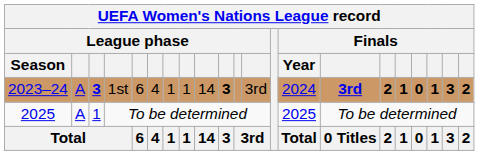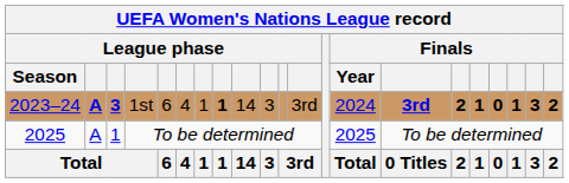 <table class="wikitable" style="text-align:center">
 <tr>
 <th colspan="22"><a href='#'>UEFA Women's Nations League</a> record</th>
 </tr>
 <tr>
 <th colspan="12">League phase</th>
 <th rowspan="5"></th>
 <th colspan="9">Finals</th>
 </tr>
 <tr>
 <th>Season</th>
 <th></th>
 <th></th>
 <th></th>
 <th></th>
 <th></th>
 <th></th>
 <th></th>
 <th></th>
 <th></th>
 <th></th>
 <th></th>
 <th>Year</th>
 <th></th>
 <th></th>
 <th></th>
 <th></th>
 <th></th>
 <th></th>
 <th></th>
 </tr>
 <tr style="background:#c96">
 <td><a href='#'>2023–24</a></td>
-<td><a href='#'>A</a></td>
+<td><strong><a href='#'>A</a></strong></td>
 <td><strong><a href='#'>3</a></strong></td>
 <td>1st</td>
 <td>6</td>
 <td>4</td>
 <td>1</td>
-<td>1</td>
+<td><strong>1</strong></td>
 <td>14</td>
-<td><strong>3</strong></td>
+<td>3</td>
 <td></td>
 <td>3rd</td>
 <td>   <a href='#'>2024</a></td>
 <td><strong><a href='#'>3rd</a></strong></td>
 <td><strong>2</strong></td>
 <td><strong>1</strong></td>
 <td><strong>0</strong></td>
 <td><strong>1</strong></td>
 <td><strong>3</strong></td>
 <td><strong>2</strong></td>
 </tr>
 <tr>
 <td><a href='#'>2025</a></td>
 <td><a href='#'>A</a></td>
 <td><a href='#'>1</a></td>
 <td colspan="9"><em>To be determined</em></td>
 <td> <a href='#'>2025</a></td>
 <td colspan="7"><em>To be determined</em></td>
 </tr>
 <tr>
 <th colspan="4">Total</th>
 <th>6</th>
 <th>4</th>
 <th>1</th>
 <th>1</th>
 <th>14</th>
 <th>3</th>
 <th colspan="2">3rd</th>
 <th>Total</th>
 <th>0 Titles</th>
 <th>2</th>
 <th>1</th>
 <th>0</th>
 <th>1</th>
 <th>3</th>
 <th>2</th>
 </tr>
 </table>
